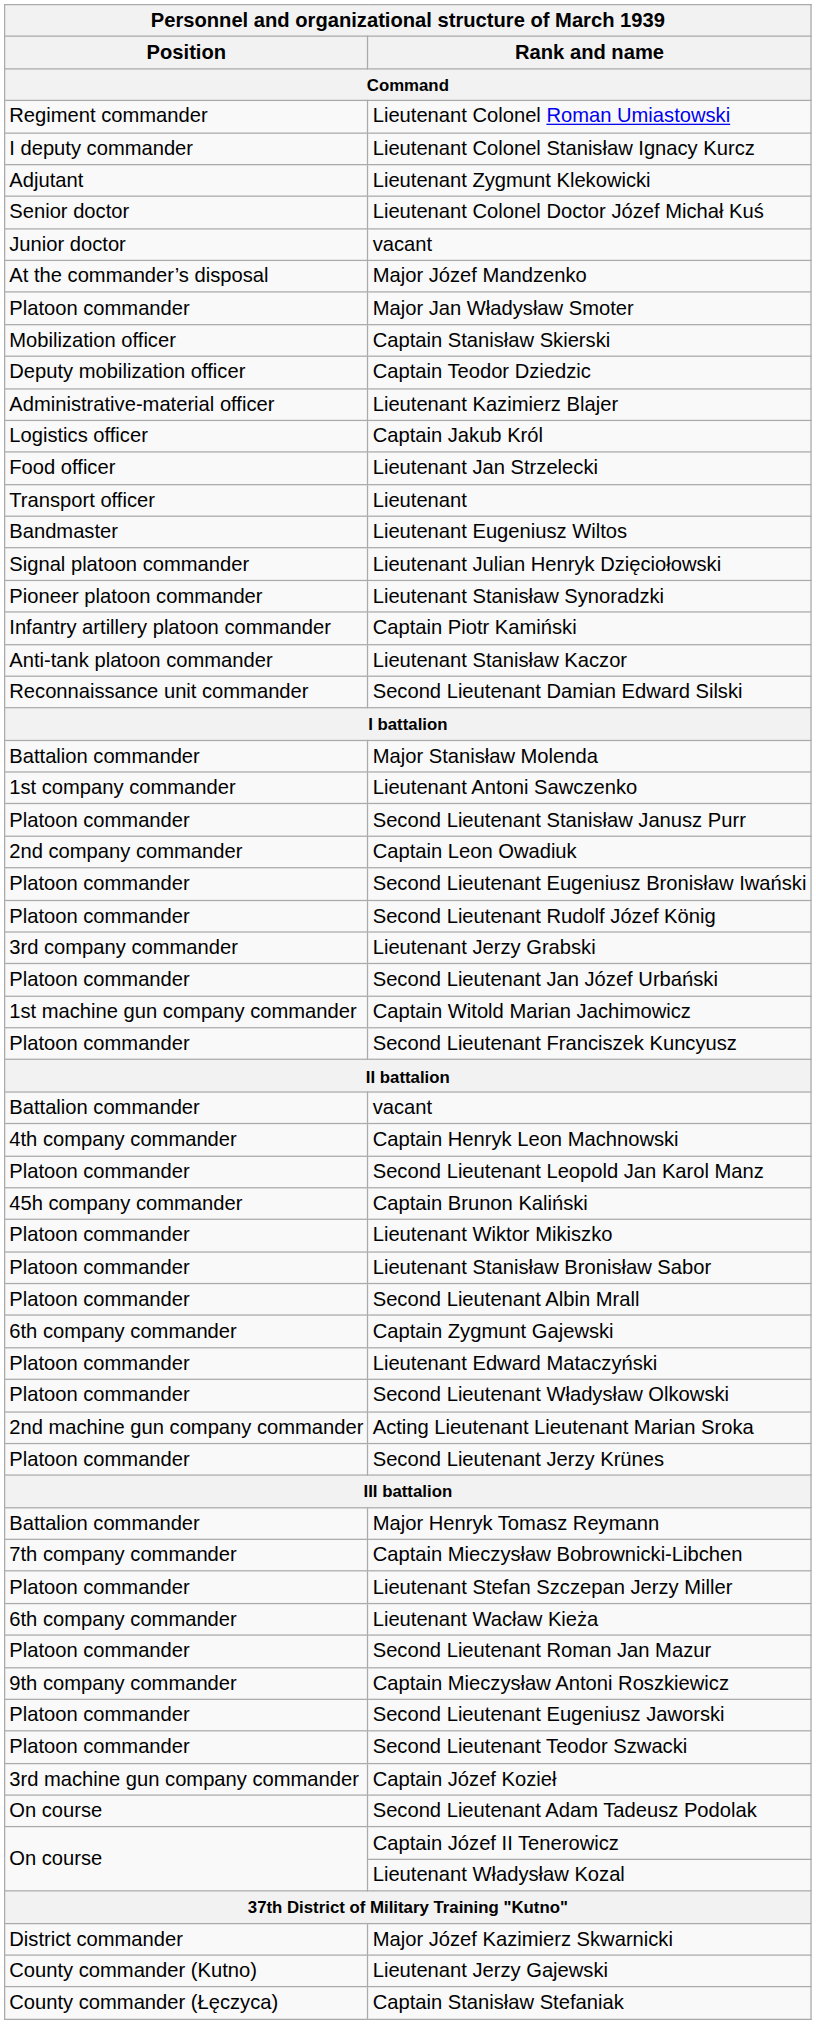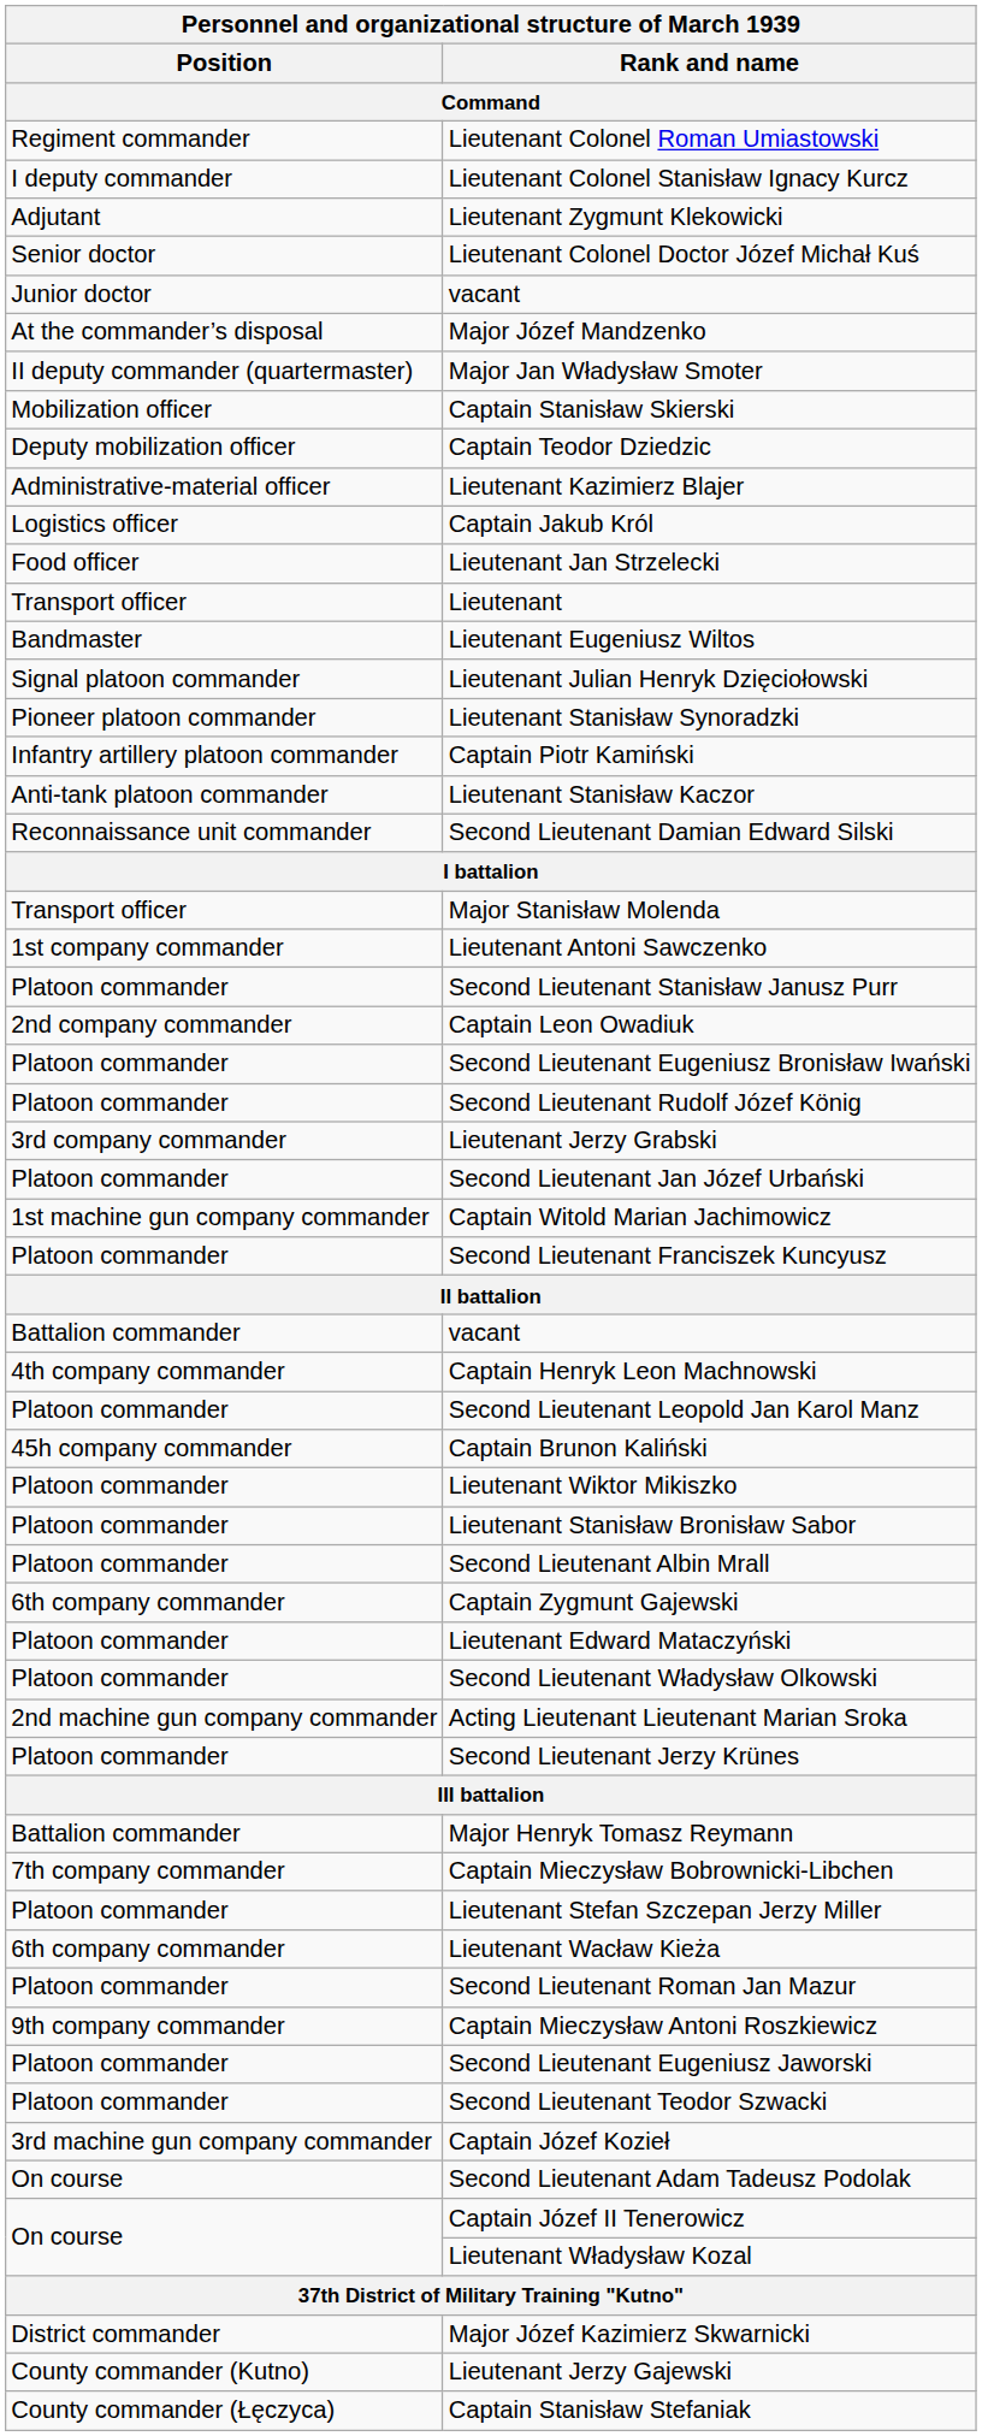 <table class="wikitable mw-collapsible mw-collapsed">
 <tr>
 <th colspan="2">Personnel and organizational structure of March 1939</th>
 </tr>
 <tr>
 <th>Position</th>
 <th>Rank and name</th>
 </tr>
 <tr>
 <th colspan="2"><small>Command</small></th>
 </tr>
 <tr>
 <td>Regiment commander</td>
 <td>Lieutenant Colonel <a href='#'>Roman Umiastowski</a></td>
 </tr>
 <tr>
 <td>I deputy commander</td>
 <td>Lieutenant Colonel Stanisław Ignacy Kurcz</td>
 </tr>
 <tr>
 <td>Adjutant</td>
 <td>Lieutenant Zygmunt Klekowicki</td>
 </tr>
 <tr>
 <td>Senior doctor</td>
 <td>Lieutenant Colonel Doctor Józef Michał Kuś</td>
 </tr>
 <tr>
 <td>Junior doctor</td>
 <td>vacant</td>
 </tr>
 <tr>
 <td>At the commander’s disposal</td>
 <td>Major Józef Mandzenko</td>
 </tr>
 <tr>
-<td>Platoon commander</td>
+<td>II deputy commander (quartermaster)</td>
 <td>Major Jan Władysław Smoter</td>
 </tr>
 <tr>
 <td>Mobilization officer</td>
 <td>Captain Stanisław Skierski</td>
 </tr>
 <tr>
 <td>Deputy mobilization officer</td>
 <td>Captain Teodor Dziedzic</td>
 </tr>
 <tr>
 <td>Administrative-material officer</td>
 <td>Lieutenant Kazimierz Blajer</td>
 </tr>
 <tr>
 <td>Logistics officer</td>
 <td>Captain Jakub Król</td>
 </tr>
 <tr>
 <td>Food officer</td>
 <td>Lieutenant Jan Strzelecki</td>
 </tr>
 <tr>
 <td>Transport officer</td>
 <td>Lieutenant </td>
 </tr>
 <tr>
 <td>Bandmaster</td>
 <td>Lieutenant Eugeniusz Wiltos</td>
 </tr>
 <tr>
 <td>Signal platoon commander</td>
 <td>Lieutenant Julian Henryk Dzięciołowski</td>
 </tr>
 <tr>
 <td>Pioneer platoon commander</td>
 <td>Lieutenant Stanisław Synoradzki</td>
 </tr>
 <tr>
 <td>Infantry artillery platoon commander</td>
 <td>Captain Piotr Kamiński</td>
 </tr>
 <tr>
 <td>Anti-tank platoon commander</td>
 <td>Lieutenant Stanisław Kaczor</td>
 </tr>
 <tr>
 <td>Reconnaissance unit commander</td>
 <td>Second Lieutenant Damian Edward Silski</td>
 </tr>
 <tr>
 <th colspan="2"><small>I battalion</small></th>
 </tr>
 <tr>
-<td>Battalion commander</td>
+<td>Transport officer</td>
 <td>Major Stanisław Molenda</td>
 </tr>
 <tr>
 <td>1st company commander</td>
 <td>Lieutenant Antoni Sawczenko</td>
 </tr>
 <tr>
 <td>Platoon commander</td>
 <td>Second Lieutenant Stanisław Janusz Purr</td>
 </tr>
 <tr>
 <td>2nd company commander</td>
 <td>Captain Leon Owadiuk</td>
 </tr>
 <tr>
 <td>Platoon commander</td>
 <td>Second Lieutenant Eugeniusz Bronisław Iwański</td>
 </tr>
 <tr>
 <td>Platoon commander</td>
 <td>Second Lieutenant Rudolf Józef König</td>
 </tr>
 <tr>
 <td>3rd company commander</td>
 <td>Lieutenant Jerzy Grabski</td>
 </tr>
 <tr>
 <td>Platoon commander</td>
 <td>Second Lieutenant Jan Józef Urbański</td>
 </tr>
 <tr>
 <td>1st machine gun company commander</td>
 <td>Captain Witold Marian Jachimowicz</td>
 </tr>
 <tr>
 <td>Platoon commander</td>
 <td>Second Lieutenant Franciszek Kuncyusz</td>
 </tr>
 <tr>
 <th colspan="2"><small>II battalion</small></th>
 </tr>
 <tr>
 <td>Battalion commander</td>
 <td>vacant</td>
 </tr>
 <tr>
 <td>4th company commander</td>
 <td>Captain Henryk Leon Machnowski</td>
 </tr>
 <tr>
 <td>Platoon commander</td>
 <td>Second Lieutenant Leopold Jan Karol Manz</td>
 </tr>
 <tr>
 <td>45h company commander</td>
 <td>Captain Brunon Kaliński</td>
 </tr>
 <tr>
 <td>Platoon commander</td>
 <td>Lieutenant Wiktor Mikiszko</td>
 </tr>
 <tr>
 <td>Platoon commander</td>
 <td>Lieutenant Stanisław Bronisław Sabor</td>
 </tr>
 <tr>
 <td>Platoon commander</td>
 <td>Second Lieutenant Albin Mrall</td>
 </tr>
 <tr>
 <td>6th company commander</td>
 <td>Captain Zygmunt Gajewski</td>
 </tr>
 <tr>
 <td>Platoon commander</td>
 <td>Lieutenant Edward Mataczyński</td>
 </tr>
 <tr>
 <td>Platoon commander</td>
 <td>Second Lieutenant Władysław Olkowski</td>
 </tr>
 <tr>
 <td>2nd machine gun company commander</td>
 <td>Acting Lieutenant Lieutenant Marian Sroka</td>
 </tr>
 <tr>
 <td>Platoon commander</td>
 <td>Second Lieutenant Jerzy Krünes</td>
 </tr>
 <tr>
 <th colspan="2"><small>III battalion</small></th>
 </tr>
 <tr>
 <td>Battalion commander</td>
 <td>Major Henryk Tomasz Reymann</td>
 </tr>
 <tr>
 <td>7th company commander</td>
 <td>Captain Mieczysław Bobrownicki-Libchen</td>
 </tr>
 <tr>
 <td>Platoon commander</td>
 <td>Lieutenant Stefan Szczepan Jerzy Miller</td>
 </tr>
 <tr>
 <td>6th company commander</td>
 <td>Lieutenant Wacław Kieża</td>
 </tr>
 <tr>
 <td>Platoon commander</td>
 <td>Second Lieutenant Roman Jan Mazur</td>
 </tr>
 <tr>
 <td>9th company commander</td>
 <td>Captain Mieczysław Antoni Roszkiewicz</td>
 </tr>
 <tr>
 <td>Platoon commander</td>
 <td>Second Lieutenant Eugeniusz Jaworski</td>
 </tr>
 <tr>
 <td>Platoon commander</td>
 <td>Second Lieutenant Teodor Szwacki</td>
 </tr>
 <tr>
 <td>3rd machine gun company commander</td>
 <td>Captain Józef Kozieł</td>
 </tr>
 <tr>
 <td>On course</td>
 <td>Second Lieutenant Adam Tadeusz Podolak</td>
 </tr>
 <tr>
 <td rowspan="2">On course</td>
 <td>Captain Józef II Tenerowicz</td>
 </tr>
 <tr>
 <td>Lieutenant Władysław Kozal</td>
 </tr>
 <tr>
 <th colspan="2"><small>37th District of Military Training "Kutno"</small></th>
 </tr>
 <tr>
 <td>District commander</td>
 <td>Major Józef Kazimierz Skwarnicki</td>
 </tr>
 <tr>
 <td>County commander (Kutno)</td>
 <td>Lieutenant Jerzy Gajewski</td>
 </tr>
 <tr>
 <td>County commander (Łęczyca)</td>
 <td>Captain Stanisław Stefaniak</td>
 </tr>
 </table>
